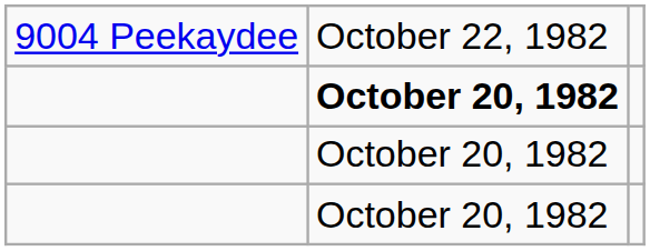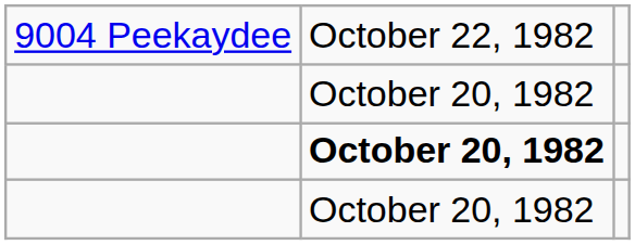 <table class="wikitable floatright" style="font-size: 0.9em;">
 <tr>
 <td><a href='#'>9004 Peekaydee</a></td>
 <td>October 22, 1982</td>
+<td></td>
+</tr>
+<tr>
+<td></td>
+<td>October 20, 1982</td>
 <td></td>
 </tr>
 <tr>
 <td></td>
 <td><strong>October 20, 1982</strong></td>
 <td></td>
 </tr>
 <tr>
 <td></td>
 <td>October 20, 1982</td>
 <td></td>
 </tr>
-<tr>
-<td></td>
-<td>October 20, 1982</td>
-<td></td>
-</tr>
 </table>
